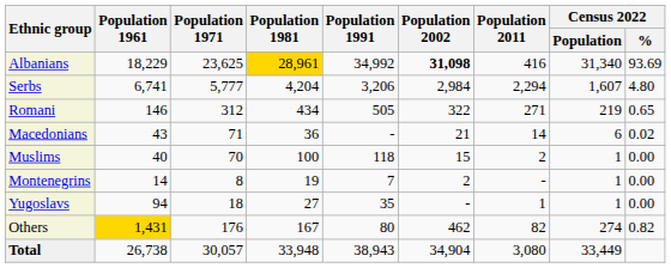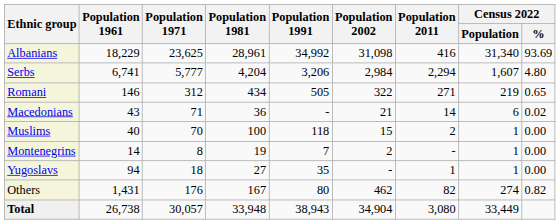 <table class="wikitable">
 <tr>
 <th rowspan="2">Ethnic group</th>
 <th rowspan="2">Population<br>1961</th>
 <th rowspan="2">Population<br>1971</th>
 <th rowspan="2">Population<br>1981</th>
 <th rowspan="2">Population<br>1991</th>
 <th rowspan="2">Population<br>2002</th>
 <th rowspan="2">Population<br>2011</th>
 <th colspan="2">Census 2022</th>
 </tr>
 <tr>
 <th>Population</th>
 <th>%</th>
 </tr>
 <tr>
 <td style="background:#F5F5DC;"><a href='#'>Albanians</a></td>
 <td align="right">18,229</td>
 <td align="right">23,625</td>
-<td align="right" style="background: gold;">28,961</td>
+<td align="right">28,961</td>
 <td align="right">34,992</td>
-<td align="right"><strong>31,098</strong></td>
+<td align="right">31,098</td>
 <td align="right">416</td>
 <td align="right">31,340</td>
 <td>93.69</td>
 </tr>
 <tr>
 <td style="background:#F5F5DC;"><a href='#'>Serbs</a></td>
 <td align="right">6,741</td>
 <td align="right">5,777</td>
 <td align="right">4,204</td>
 <td align="right">3,206</td>
 <td align="right">2,984</td>
 <td align="right">2,294</td>
 <td align="right">1,607</td>
 <td>4.80</td>
 </tr>
 <tr>
 <td style="background:#F5F5DC;"><a href='#'>Romani</a></td>
 <td align="right">146</td>
 <td align="right">312</td>
 <td align="right">434</td>
 <td align="right">505</td>
 <td align="right">322</td>
 <td align="right">271</td>
 <td align="right">219</td>
 <td>0.65</td>
 </tr>
 <tr>
 <td style="background:#F5F5DC;"><a href='#'>Macedonians</a></td>
 <td align="right">43</td>
 <td align="right">71</td>
 <td align="right">36</td>
 <td align="right">-</td>
 <td align="right">21</td>
 <td align="right">14</td>
 <td align="right">6</td>
 <td>0.02</td>
 </tr>
 <tr>
 <td style="background:#F5F5DC;"><a href='#'>Muslims</a></td>
 <td align="right">40</td>
 <td align="right">70</td>
 <td align="right">100</td>
 <td align="right">118</td>
 <td align="right">15</td>
 <td align="right">2</td>
 <td align="right">1</td>
 <td>0.00</td>
 </tr>
 <tr>
 <td style="background:#F5F5DC;"><a href='#'>Montenegrins</a></td>
 <td align="right">14</td>
 <td align="right">8</td>
 <td align="right">19</td>
 <td align="right">7</td>
 <td align="right">2</td>
 <td align="right">-</td>
 <td align="right">1</td>
 <td>0.00</td>
 </tr>
 <tr>
 <td style="background:#F5F5DC;"><a href='#'>Yugoslavs</a></td>
 <td align="right">94</td>
 <td align="right">18</td>
 <td align="right">27</td>
 <td align="right">35</td>
 <td align="right">-</td>
 <td align="right">1</td>
 <td align="right">1</td>
 <td>0.00</td>
 </tr>
 <tr>
 <td style="background:#F5F5DC;">Others</td>
-<td align="right" style="background: gold;">1,431</td>
+<td align="right">1,431</td>
 <td align="right">176</td>
 <td align="right">167</td>
 <td align="right">80</td>
 <td align="right">462</td>
 <td align="right">82</td>
 <td align="right">274</td>
 <td>0.82</td>
 </tr>
 <tr>
 <td style="background:#F0F0F0;"><strong>Total</strong></td>
 <td align="right">26,738</td>
 <td align="right">30,057</td>
 <td align="right">33,948</td>
 <td align="right">38,943</td>
 <td align="right">34,904</td>
 <td align="right">3,080</td>
 <td align="right">33,449</td>
 <td></td>
 </tr>
 </table>
